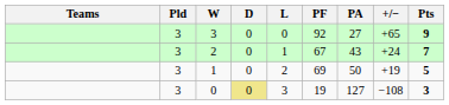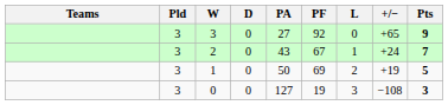 <table class="wikitable" style="text-align: center;">
 <tr>
 <th width="200">Teams</th>
 <th width="40">Pld</th>
 <th width="40">W</th>
 <th width="40">D</th>
+<th width="40">PA</th>
+<th width="40">PF</th>
 <th width="40">L</th>
-<th width="40">PF</th>
-<th width="40">PA</th>
 <th width="40">+/−</th>
 <th width="40">Pts</th>
 </tr>
 <tr bgcolor=ccffcc>
 <td align=left></td>
 <td>3</td>
 <td>3</td>
 <td>0</td>
+<td>27</td>
+<td>92</td>
 <td>0</td>
-<td>92</td>
-<td>27</td>
 <td>+65</td>
 <td><strong>9</strong></td>
 </tr>
 <tr bgcolor=ccffcc>
 <td align=left></td>
 <td>3</td>
 <td>2</td>
 <td>0</td>
+<td>43</td>
+<td>67</td>
 <td>1</td>
-<td>67</td>
-<td>43</td>
 <td>+24</td>
 <td><strong>7</strong></td>
 </tr>
 <tr>
 <td align=left></td>
 <td>3</td>
 <td>1</td>
 <td>0</td>
+<td>50</td>
+<td>69</td>
 <td>2</td>
-<td>69</td>
-<td>50</td>
 <td>+19</td>
 <td><strong>5</strong></td>
 </tr>
 <tr>
 <td align=left></td>
 <td>3</td>
 <td>0</td>
-<td style="background: khaki;">0</td>
+<td>0</td>
+<td>127</td>
+<td>19</td>
 <td>3</td>
-<td>19</td>
-<td>127</td>
 <td>−108</td>
 <td><strong>3</strong></td>
 </tr>
 </table>
